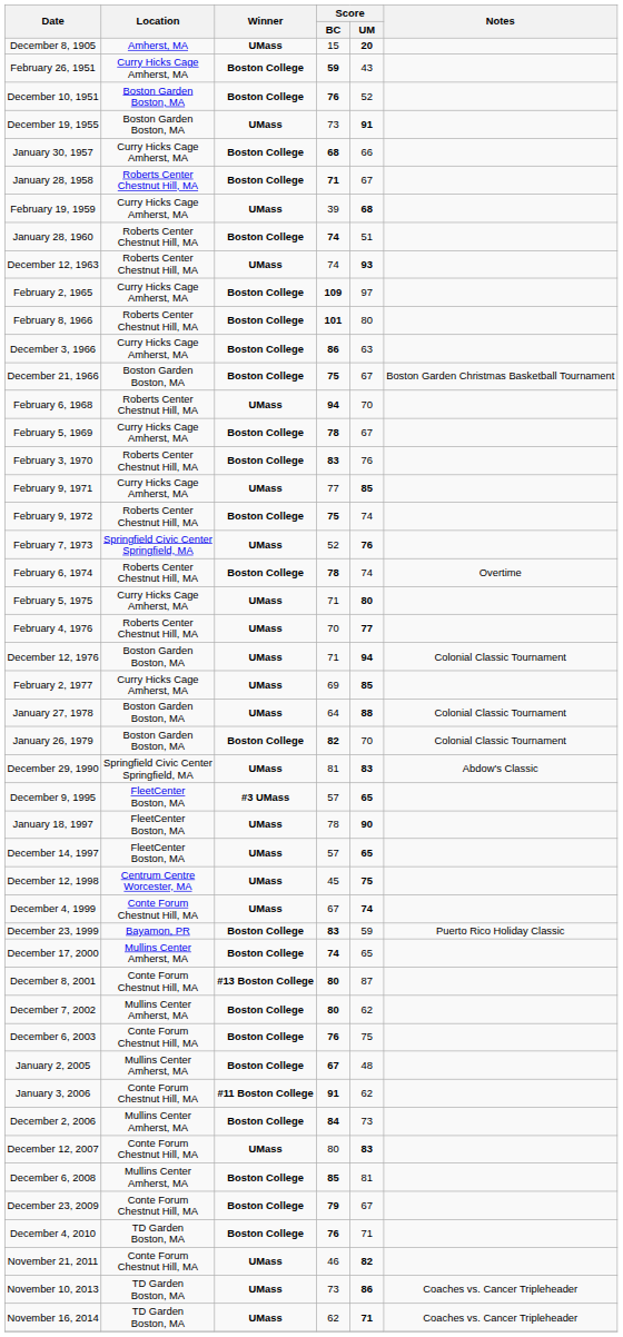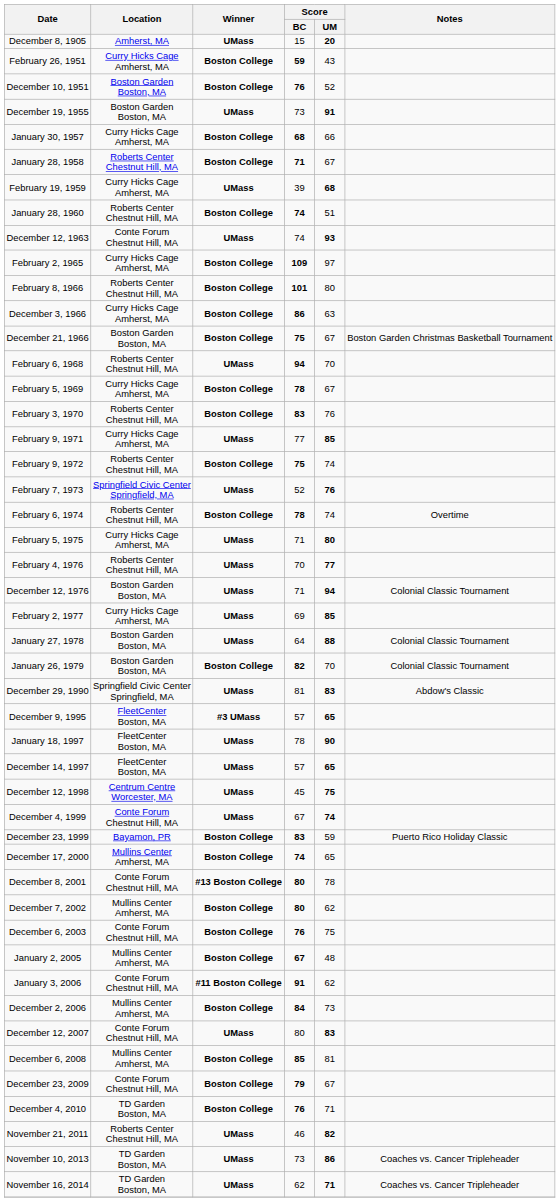 <table class="wikitable" style="text-align:center; font-size:90%">
 <tr>
 <th rowspan="2">Date</th>
 <th rowspan="2">Location</th>
 <th rowspan="2">Winner</th>
 <th colspan="2">Score</th>
 <th rowspan="2">Notes</th>
 </tr>
 <tr>
 <th width=40>BC</th>
 <th width=40>UM</th>
 </tr>
 <tr>
 <td>December 8, 1905</td>
 <td><a href='#'>Amherst, MA</a></td>
 <td><strong>UMass</strong></td>
 <td>15</td>
 <td><strong>20</strong></td>
 <td></td>
 </tr>
 <tr>
 <td>February 26, 1951</td>
 <td><a href='#'>Curry Hicks Cage</a><br>Amherst, MA</td>
 <td><strong>Boston College</strong></td>
 <td><strong>59</strong></td>
 <td>43</td>
 <td></td>
 </tr>
 <tr>
 <td>December 10, 1951</td>
 <td><a href='#'>Boston Garden</a><br><a href='#'>Boston, MA</a></td>
 <td><strong>Boston College</strong></td>
 <td><strong>76</strong></td>
 <td>52</td>
 <td></td>
 </tr>
 <tr>
 <td>December 19, 1955</td>
 <td>Boston Garden<br>Boston, MA</td>
 <td><strong>UMass</strong></td>
 <td>73</td>
 <td><strong>91</strong></td>
 <td></td>
 </tr>
 <tr>
 <td>January 30, 1957</td>
 <td>Curry Hicks Cage<br>Amherst, MA</td>
 <td><strong>Boston College</strong></td>
 <td><strong>68</strong></td>
 <td>66</td>
 <td></td>
 </tr>
 <tr>
 <td>January 28, 1958</td>
 <td><a href='#'>Roberts Center</a><br><a href='#'>Chestnut Hill, MA</a></td>
 <td><strong>Boston College</strong></td>
 <td><strong>71</strong></td>
 <td>67</td>
 <td></td>
 </tr>
 <tr>
 <td>February 19, 1959</td>
 <td>Curry Hicks Cage<br>Amherst, MA</td>
 <td><strong>UMass</strong></td>
 <td>39</td>
 <td><strong>68</strong></td>
 <td></td>
 </tr>
 <tr>
 <td>January 28, 1960</td>
 <td>Roberts Center<br>Chestnut Hill, MA</td>
 <td><strong>Boston College</strong></td>
 <td><strong>74</strong></td>
 <td>51</td>
 <td></td>
 </tr>
 <tr>
 <td>December 12, 1963</td>
-<td>Roberts Center<br>Chestnut Hill, MA</td>
+<td>Conte Forum<br>Chestnut Hill, MA</td>
 <td><strong>UMass</strong></td>
 <td>74</td>
 <td><strong>93</strong></td>
 <td></td>
 </tr>
 <tr>
 <td>February 2, 1965</td>
 <td>Curry Hicks Cage<br>Amherst, MA</td>
 <td><strong>Boston College</strong></td>
 <td><strong>109</strong></td>
 <td>97</td>
 <td></td>
 </tr>
 <tr>
 <td>February 8, 1966</td>
 <td>Roberts Center<br>Chestnut Hill, MA</td>
 <td><strong>Boston College</strong></td>
 <td><strong>101</strong></td>
 <td>80</td>
 <td></td>
 </tr>
 <tr>
 <td>December 3, 1966</td>
 <td>Curry Hicks Cage<br>Amherst, MA</td>
 <td><strong>Boston College</strong></td>
 <td><strong>86</strong></td>
 <td>63</td>
 <td></td>
 </tr>
 <tr>
 <td>December 21, 1966</td>
 <td>Boston Garden<br>Boston, MA</td>
 <td><strong>Boston College</strong></td>
 <td><strong>75</strong></td>
 <td>67</td>
 <td>Boston Garden Christmas Basketball Tournament</td>
 </tr>
 <tr>
 <td>February 6, 1968</td>
 <td>Roberts Center<br>Chestnut Hill, MA</td>
 <td><strong>UMass</strong></td>
 <td><strong>94</strong></td>
 <td>70</td>
 <td></td>
 </tr>
 <tr>
 <td>February 5, 1969</td>
 <td>Curry Hicks Cage<br>Amherst, MA</td>
 <td><strong>Boston College</strong></td>
 <td><strong>78</strong></td>
 <td>67</td>
 <td></td>
 </tr>
 <tr>
 <td>February 3, 1970</td>
 <td>Roberts Center<br>Chestnut Hill, MA</td>
 <td><strong>Boston College</strong></td>
 <td><strong>83</strong></td>
 <td>76</td>
 <td></td>
 </tr>
 <tr>
 <td>February 9, 1971</td>
 <td>Curry Hicks Cage<br>Amherst, MA</td>
 <td><strong>UMass</strong></td>
 <td>77</td>
 <td><strong>85</strong></td>
 <td></td>
 </tr>
 <tr>
 <td>February 9, 1972</td>
 <td>Roberts Center<br>Chestnut Hill, MA</td>
 <td><strong>Boston College</strong></td>
 <td><strong>75</strong></td>
 <td>74</td>
 <td></td>
 </tr>
 <tr>
 <td>February 7, 1973</td>
 <td><a href='#'>Springfield Civic Center</a><br><a href='#'>Springfield, MA</a></td>
 <td><strong>UMass</strong></td>
 <td>52</td>
 <td><strong>76</strong></td>
 <td></td>
 </tr>
 <tr>
 <td>February 6, 1974</td>
 <td>Roberts Center<br>Chestnut Hill, MA</td>
 <td><strong>Boston College</strong></td>
 <td><strong>78</strong></td>
 <td>74</td>
 <td>Overtime</td>
 </tr>
 <tr>
 <td>February 5, 1975</td>
 <td>Curry Hicks Cage<br>Amherst, MA</td>
 <td><strong>UMass</strong></td>
 <td>71</td>
 <td><strong>80</strong></td>
 <td></td>
 </tr>
 <tr>
 <td>February 4, 1976</td>
 <td>Roberts Center<br>Chestnut Hill, MA</td>
 <td><strong>UMass</strong></td>
 <td>70</td>
 <td><strong>77</strong></td>
 <td></td>
 </tr>
 <tr>
 <td>December 12, 1976</td>
 <td>Boston Garden<br>Boston, MA</td>
 <td><strong>UMass</strong></td>
 <td>71</td>
 <td><strong>94</strong></td>
 <td>Colonial Classic Tournament</td>
 </tr>
 <tr>
 <td>February 2, 1977</td>
 <td>Curry Hicks Cage<br>Amherst, MA</td>
 <td><strong>UMass</strong></td>
 <td>69</td>
 <td><strong>85</strong></td>
 <td></td>
 </tr>
 <tr>
 <td>January 27, 1978</td>
 <td>Boston Garden<br>Boston, MA</td>
 <td><strong>UMass</strong></td>
 <td>64</td>
 <td><strong>88</strong></td>
 <td>Colonial Classic Tournament</td>
 </tr>
 <tr>
 <td>January 26, 1979</td>
 <td>Boston Garden<br>Boston, MA</td>
 <td><strong>Boston College</strong></td>
 <td><strong>82</strong></td>
 <td>70</td>
 <td>Colonial Classic Tournament</td>
 </tr>
 <tr>
 <td>December 29, 1990</td>
 <td>Springfield Civic Center<br>Springfield, MA</td>
 <td><strong>UMass</strong></td>
 <td>81</td>
 <td><strong>83</strong></td>
 <td>Abdow's Classic</td>
 </tr>
 <tr>
 <td>December 9, 1995</td>
 <td><a href='#'>FleetCenter</a><br>Boston, MA</td>
 <td><strong>#3 UMass</strong></td>
 <td>57</td>
 <td><strong>65</strong></td>
 <td></td>
 </tr>
 <tr>
 <td>January 18, 1997</td>
 <td>FleetCenter<br>Boston, MA</td>
 <td><strong>UMass</strong></td>
 <td>78</td>
 <td><strong>90</strong></td>
 <td></td>
 </tr>
 <tr>
 <td>December 14, 1997</td>
 <td>FleetCenter<br>Boston, MA</td>
 <td><strong>UMass</strong></td>
 <td>57</td>
 <td><strong>65</strong></td>
 <td></td>
 </tr>
 <tr>
 <td>December 12, 1998</td>
 <td><a href='#'>Centrum Centre</a><br><a href='#'>Worcester, MA</a></td>
 <td><strong>UMass</strong></td>
 <td>45</td>
 <td><strong>75</strong></td>
 <td></td>
 </tr>
 <tr>
 <td>December 4, 1999</td>
 <td><a href='#'>Conte Forum</a><br>Chestnut Hill, MA</td>
 <td><strong>UMass</strong></td>
 <td>67</td>
 <td><strong>74</strong></td>
 <td></td>
 </tr>
 <tr>
 <td>December 23, 1999</td>
 <td><a href='#'>Bayamon, PR</a></td>
 <td><strong>Boston College</strong></td>
 <td><strong>83</strong></td>
 <td>59</td>
 <td>Puerto Rico Holiday Classic</td>
 </tr>
 <tr>
 <td>December 17, 2000</td>
 <td><a href='#'>Mullins Center</a><br>Amherst, MA</td>
 <td><strong>Boston College</strong></td>
 <td><strong>74</strong></td>
 <td>65</td>
 <td></td>
 </tr>
 <tr>
 <td>December 8, 2001</td>
 <td>Conte Forum<br>Chestnut Hill, MA</td>
 <td><strong>#13 Boston College</strong></td>
 <td><strong>80</strong></td>
-<td>87</td>
+<td>78</td>
 <td></td>
 </tr>
 <tr>
 <td>December 7, 2002</td>
 <td>Mullins Center<br>Amherst, MA</td>
 <td><strong>Boston College</strong></td>
 <td><strong>80</strong></td>
 <td>62</td>
 <td></td>
 </tr>
 <tr>
 <td>December 6, 2003</td>
 <td>Conte Forum<br>Chestnut Hill, MA</td>
 <td><strong>Boston College</strong></td>
 <td><strong>76</strong></td>
 <td>75</td>
 <td></td>
 </tr>
 <tr>
 <td>January 2, 2005</td>
 <td>Mullins Center<br>Amherst, MA</td>
 <td><strong>Boston College</strong></td>
 <td><strong>67</strong></td>
 <td>48</td>
 <td></td>
 </tr>
 <tr>
 <td>January 3, 2006</td>
 <td>Conte Forum<br>Chestnut Hill, MA</td>
 <td><strong>#11 Boston College</strong></td>
 <td><strong>91</strong></td>
 <td>62</td>
 <td></td>
 </tr>
 <tr>
 <td>December 2, 2006</td>
 <td>Mullins Center<br>Amherst, MA</td>
 <td><strong>Boston College</strong></td>
 <td><strong>84</strong></td>
 <td>73</td>
 <td></td>
 </tr>
 <tr>
 <td>December 12, 2007</td>
 <td>Conte Forum<br>Chestnut Hill, MA</td>
 <td><strong>UMass</strong></td>
 <td>80</td>
 <td><strong>83</strong></td>
 <td></td>
 </tr>
 <tr>
 <td>December 6, 2008</td>
 <td>Mullins Center<br>Amherst, MA</td>
 <td><strong>Boston College</strong></td>
 <td><strong>85</strong></td>
 <td>81</td>
 <td></td>
 </tr>
 <tr>
 <td>December 23, 2009</td>
 <td>Conte Forum<br>Chestnut Hill, MA</td>
 <td><strong>Boston College</strong></td>
 <td><strong>79</strong></td>
 <td>67</td>
 <td></td>
 </tr>
 <tr>
 <td>December 4, 2010</td>
 <td>TD Garden<br>Boston, MA</td>
 <td><strong>Boston College</strong></td>
 <td><strong>76</strong></td>
 <td>71</td>
 <td></td>
 </tr>
 <tr>
 <td>November 21, 2011</td>
-<td>Conte Forum<br>Chestnut Hill, MA</td>
+<td>Roberts Center<br>Chestnut Hill, MA</td>
 <td><strong>UMass</strong></td>
 <td>46</td>
 <td><strong> 82</strong></td>
 <td></td>
 </tr>
 <tr>
 <td>November 10, 2013</td>
 <td>TD Garden<br>Boston, MA</td>
 <td><strong>UMass</strong></td>
 <td>73</td>
 <td><strong> 86</strong></td>
 <td>Coaches vs. Cancer Tripleheader</td>
 </tr>
 <tr>
 <td>November 16, 2014</td>
 <td>TD Garden<br>Boston, MA</td>
 <td><strong>UMass</strong></td>
 <td>62</td>
 <td><strong> 71</strong></td>
 <td>Coaches vs. Cancer Tripleheader</td>
 </tr>
 <tr>
 </tr>
 </table>
